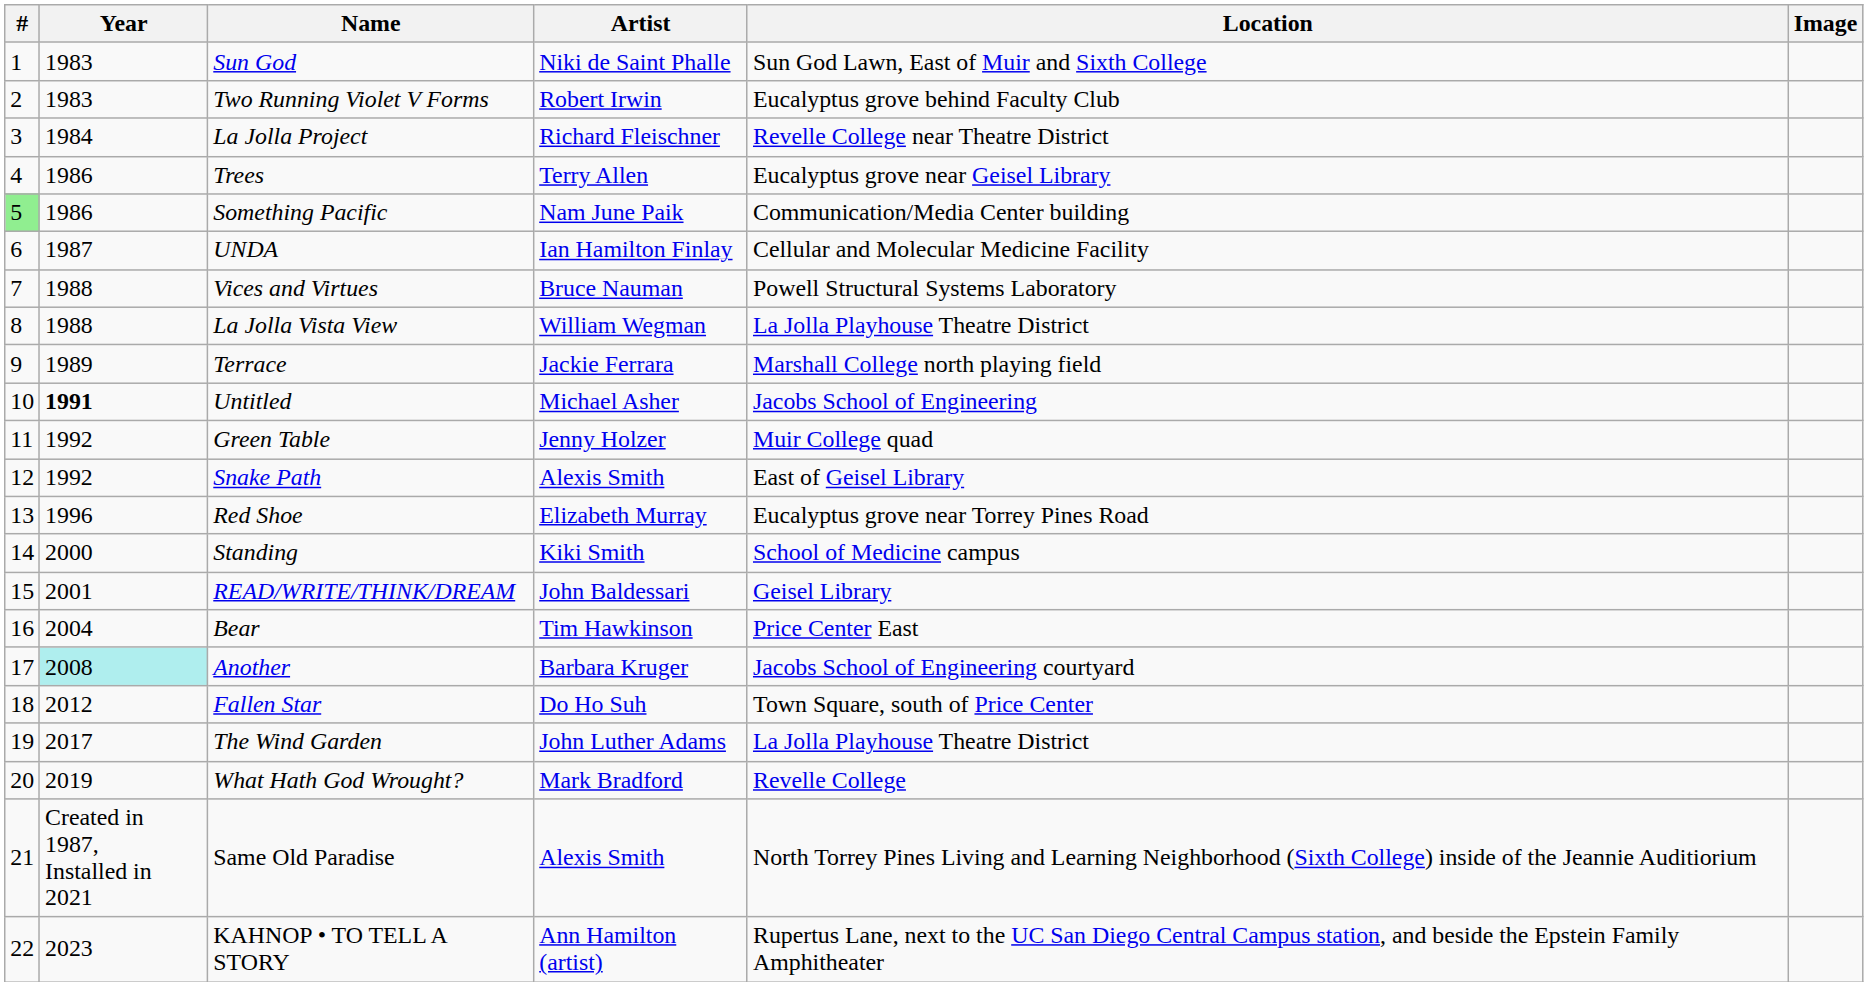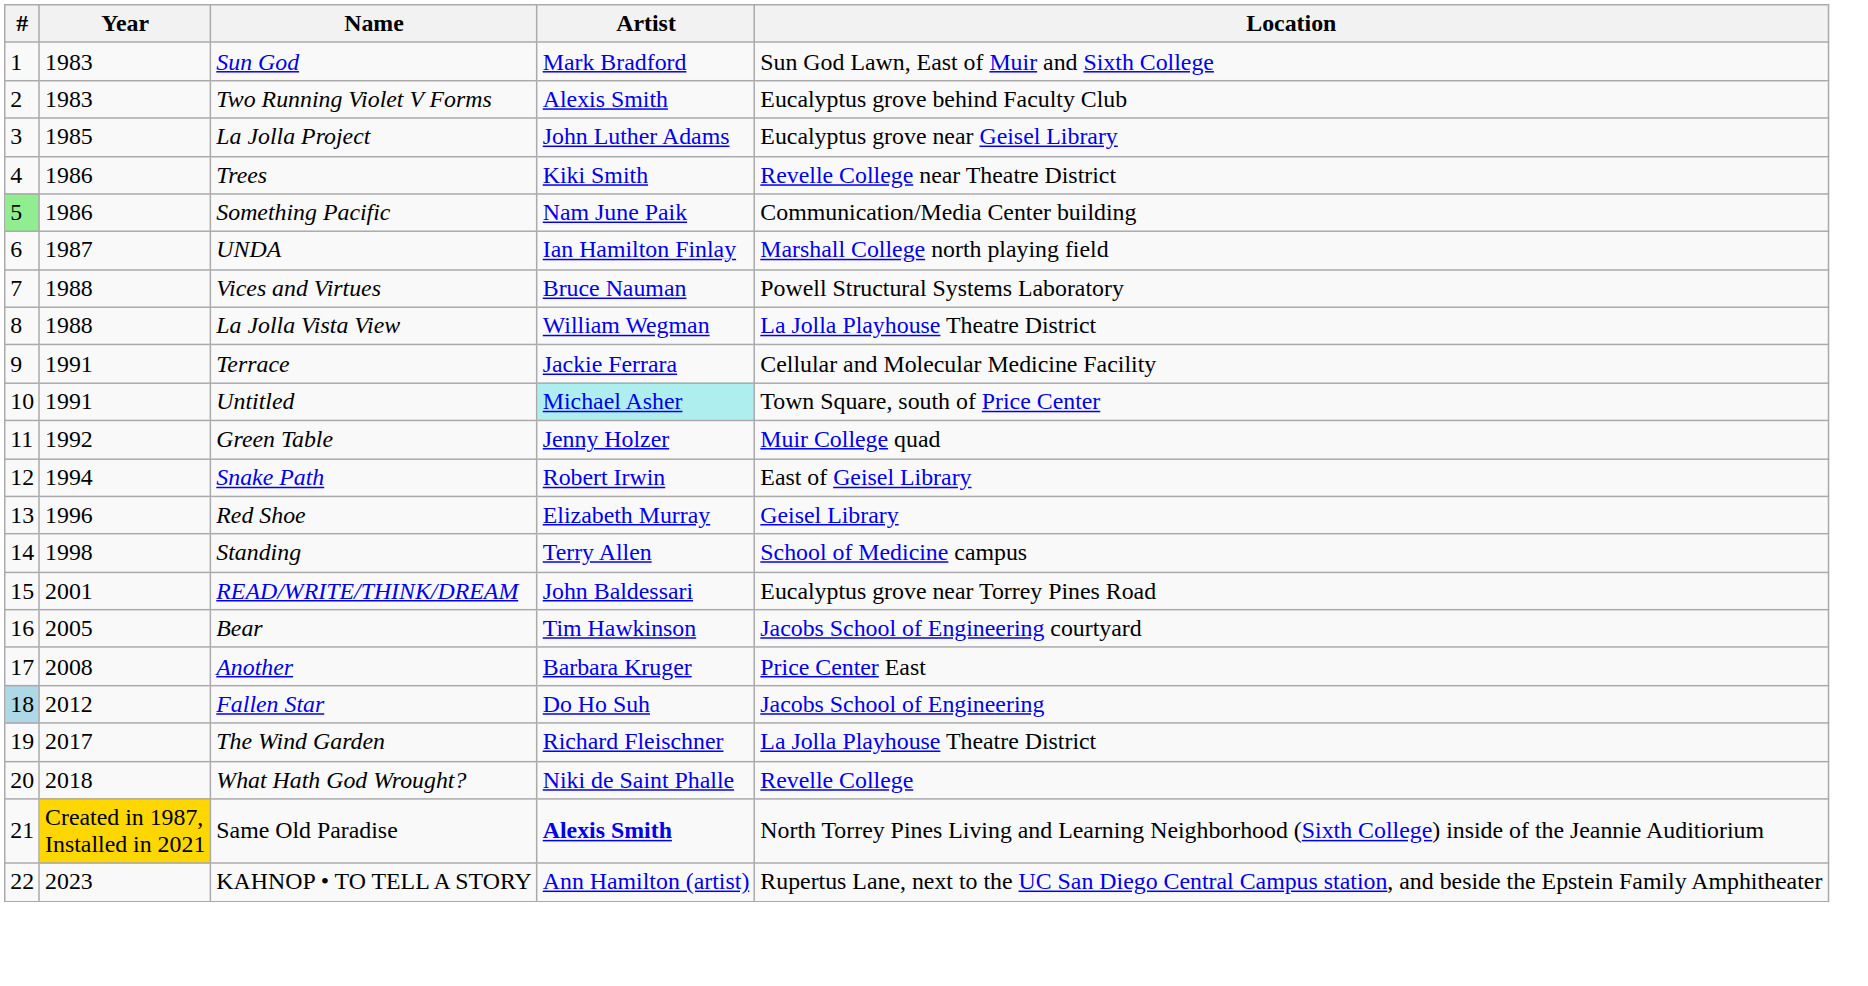 <table class="wikitable">
 <tr>
 <th>#</th>
 <th>Year</th>
 <th>Name</th>
 <th>Artist</th>
 <th>Location</th>
-<th>Image</th>
 </tr>
 <tr>
 <td>1</td>
 <td>1983</td>
 <td><em><a href='#'>Sun God</a></em></td>
-<td><a href='#'>Niki de Saint Phalle</a></td>
+<td><a href='#'>Mark Bradford</a></td>
 <td>Sun God Lawn, East of <a href='#'>Muir</a> and <a href='#'>Sixth College</a></td>
-<td></td>
 </tr>
 <tr>
 <td>2</td>
 <td>1983</td>
 <td><em>Two Running Violet V Forms</em></td>
-<td><a href='#'>Robert Irwin</a></td>
+<td><a href='#'>Alexis Smith</a></td>
 <td>Eucalyptus grove behind Faculty Club</td>
-<td></td>
 </tr>
 <tr>
 <td>3</td>
-<td>1984</td>
+<td>1985</td>
 <td><em>La Jolla Project</em></td>
-<td><a href='#'>Richard Fleischner</a></td>
-<td><a href='#'>Revelle College</a> near Theatre District</td>
-<td></td>
+<td><a href='#'>John Luther Adams</a></td>
+<td>Eucalyptus grove near <a href='#'>Geisel Library</a></td>
 </tr>
 <tr>
 <td>4</td>
 <td>1986</td>
 <td><em>Trees</em></td>
-<td><a href='#'>Terry Allen</a></td>
-<td>Eucalyptus grove near <a href='#'>Geisel Library</a></td>
-<td></td>
+<td><a href='#'>Kiki Smith</a></td>
+<td><a href='#'>Revelle College</a> near Theatre District</td>
 </tr>
 <tr>
 <td style="background: lightgreen;">5</td>
 <td>1986</td>
 <td><em>Something Pacific</em></td>
 <td><a href='#'>Nam June Paik</a></td>
 <td>Communication/Media Center building</td>
-<td></td>
 </tr>
 <tr>
 <td>6</td>
 <td>1987</td>
 <td><em>UNDA</em></td>
 <td><a href='#'>Ian Hamilton Finlay</a></td>
-<td>Cellular and Molecular Medicine Facility</td>
-<td></td>
+<td><a href='#'>Marshall College</a> north playing field</td>
 </tr>
 <tr>
 <td>7</td>
 <td>1988</td>
 <td><em>Vices and Virtues</em></td>
 <td><a href='#'>Bruce Nauman</a></td>
 <td>Powell Structural Systems Laboratory</td>
-<td><br></td>
 </tr>
 <tr>
 <td>8</td>
 <td>1988</td>
 <td><em>La Jolla Vista View</em></td>
 <td><a href='#'>William Wegman</a></td>
 <td><a href='#'>La Jolla Playhouse</a> Theatre District</td>
-<td></td>
 </tr>
 <tr>
 <td>9</td>
-<td>1989</td>
+<td>1991</td>
 <td><em>Terrace</em></td>
 <td><a href='#'>Jackie Ferrara</a></td>
-<td><a href='#'>Marshall College</a> north playing field</td>
-<td></td>
+<td>Cellular and Molecular Medicine Facility</td>
 </tr>
 <tr>
 <td>10</td>
-<td><strong>1991</strong></td>
+<td>1991</td>
 <td><em>Untitled</em></td>
-<td><a href='#'>Michael Asher</a></td>
-<td><a href='#'>Jacobs School of Engineering</a></td>
-<td></td>
+<td style="background: paleturquoise;"><a href='#'>Michael Asher</a></td>
+<td>Town Square, south of <a href='#'>Price Center</a></td>
 </tr>
 <tr>
 <td>11</td>
 <td>1992</td>
 <td><em>Green Table</em></td>
 <td><a href='#'>Jenny Holzer</a></td>
 <td><a href='#'>Muir College</a> quad</td>
-<td></td>
 </tr>
 <tr>
 <td>12</td>
-<td>1992</td>
+<td>1994</td>
 <td><em><a href='#'>Snake Path</a></em></td>
-<td><a href='#'>Alexis Smith</a></td>
+<td><a href='#'>Robert Irwin</a></td>
 <td>East of <a href='#'>Geisel Library</a></td>
-<td><br></td>
 </tr>
 <tr>
 <td>13</td>
 <td>1996</td>
 <td><em>Red Shoe</em></td>
 <td><a href='#'>Elizabeth Murray</a></td>
-<td>Eucalyptus grove near Torrey Pines Road</td>
-<td></td>
+<td><a href='#'>Geisel Library</a></td>
 </tr>
 <tr>
 <td>14</td>
-<td>2000</td>
+<td>1998</td>
 <td><em>Standing</em></td>
-<td><a href='#'>Kiki Smith</a></td>
+<td><a href='#'>Terry Allen</a></td>
 <td><a href='#'>School of Medicine</a> campus</td>
-<td></td>
 </tr>
 <tr>
 <td>15</td>
 <td>2001</td>
 <td><em><a href='#'>READ/WRITE/THINK/DREAM</a></em></td>
 <td><a href='#'>John Baldessari</a></td>
-<td><a href='#'>Geisel Library</a></td>
-<td><br></td>
+<td>Eucalyptus grove near Torrey Pines Road</td>
 </tr>
 <tr>
 <td>16</td>
-<td>2004</td>
+<td>2005</td>
 <td><em>Bear</em></td>
 <td><a href='#'>Tim Hawkinson</a></td>
-<td><a href='#'>Price Center</a> East</td>
-<td></td>
+<td><a href='#'>Jacobs School of Engineering</a> courtyard</td>
 </tr>
 <tr>
 <td>17</td>
-<td style="background: paleturquoise;">2008</td>
+<td>2008</td>
 <td><em><a href='#'>Another</a></em></td>
 <td><a href='#'>Barbara Kruger</a></td>
-<td><a href='#'>Jacobs School of Engineering</a> courtyard</td>
-<td></td>
+<td><a href='#'>Price Center</a> East</td>
 </tr>
 <tr>
-<td>18</td>
+<td style="background: lightblue;">18</td>
 <td>2012</td>
 <td><em><a href='#'>Fallen Star</a></em></td>
 <td><a href='#'>Do Ho Suh</a></td>
-<td>Town Square, south of <a href='#'>Price Center</a></td>
-<td></td>
+<td><a href='#'>Jacobs School of Engineering</a></td>
 </tr>
 <tr>
 <td>19</td>
 <td>2017</td>
 <td><em>The Wind Garden</em></td>
-<td><a href='#'>John Luther Adams</a></td>
+<td><a href='#'>Richard Fleischner</a></td>
 <td><a href='#'>La Jolla Playhouse</a> Theatre District</td>
-<td></td>
 </tr>
 <tr>
 <td>20</td>
-<td>2019</td>
+<td>2018</td>
 <td><em>What Hath God Wrought?</em></td>
-<td><a href='#'>Mark Bradford</a></td>
+<td><a href='#'>Niki de Saint Phalle</a></td>
 <td><a href='#'>Revelle College</a></td>
-<td></td>
 </tr>
 <tr>
 <td>21</td>
-<td>Created in 1987,<br>Installed in 2021</td>
+<td style="background: gold;">Created in 1987,<br>Installed in 2021</td>
 <td>Same Old Paradise</td>
-<td><a href='#'>Alexis Smith</a></td>
+<td><strong><a href='#'>Alexis Smith</a></strong></td>
 <td>North Torrey Pines Living and Learning Neighborhood (<a href='#'>Sixth College</a>) inside of the Jeannie Auditiorium</td>
-<td></td>
 </tr>
 <tr>
 <td>22</td>
 <td>2023</td>
 <td>KAHNOP • TO TELL A STORY</td>
 <td><a href='#'>Ann Hamilton (artist)</a></td>
 <td>Rupertus Lane, next to the <a href='#'>UC San Diego Central Campus station</a>, and beside the Epstein Family Amphitheater</td>
-<td></td>
 </tr>
 </table>
